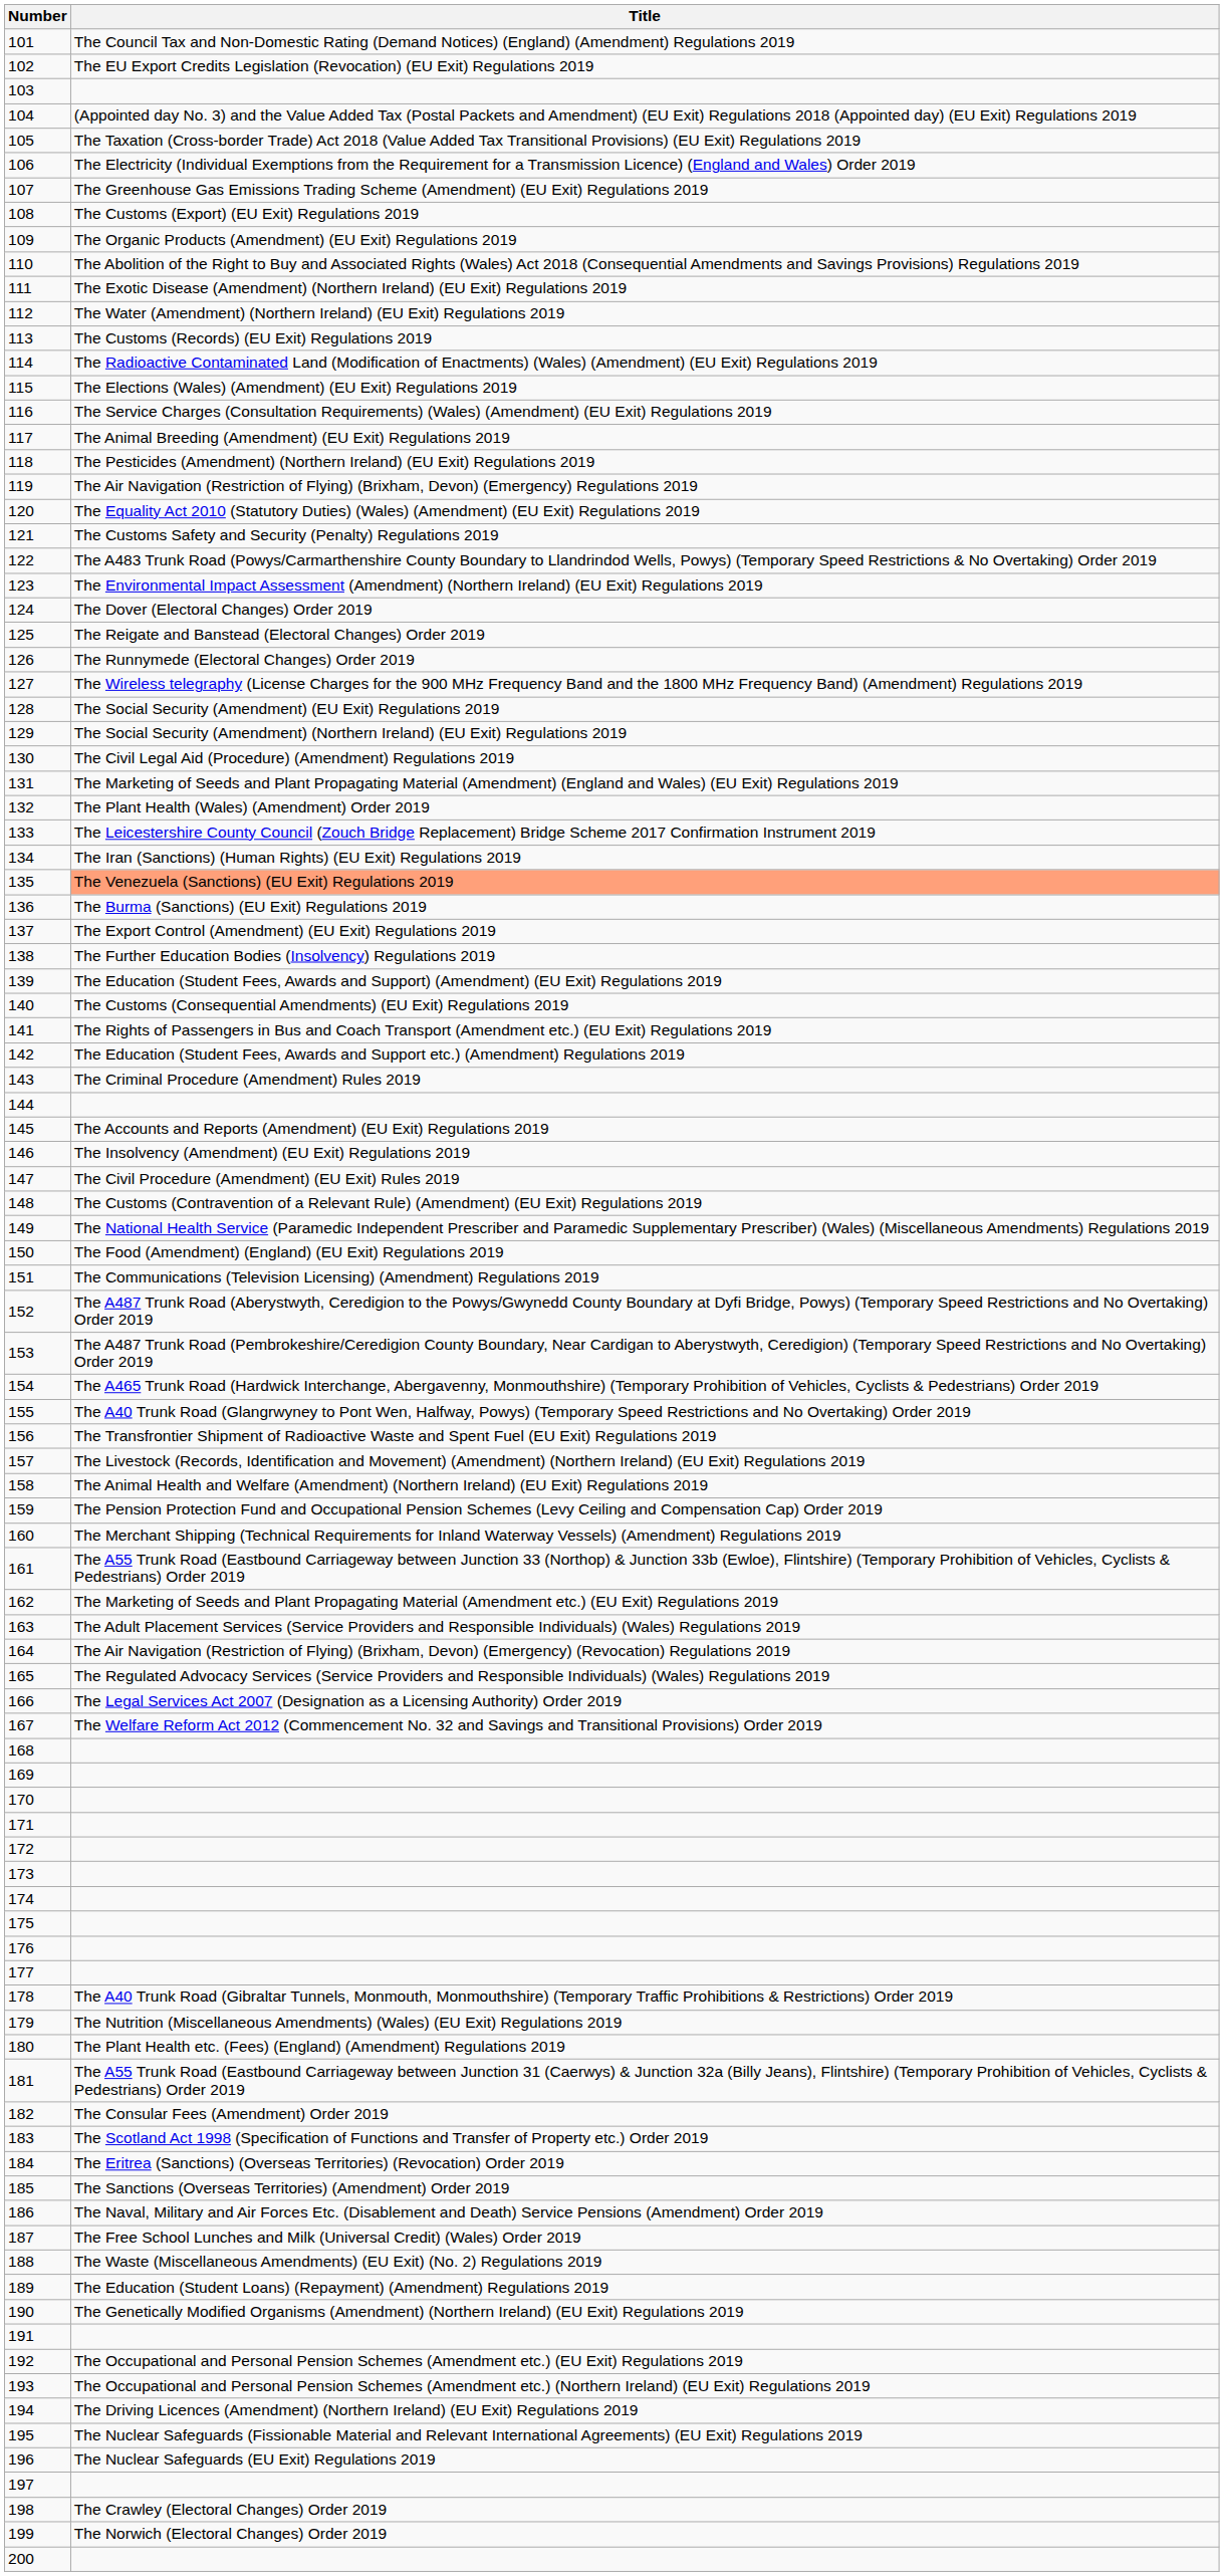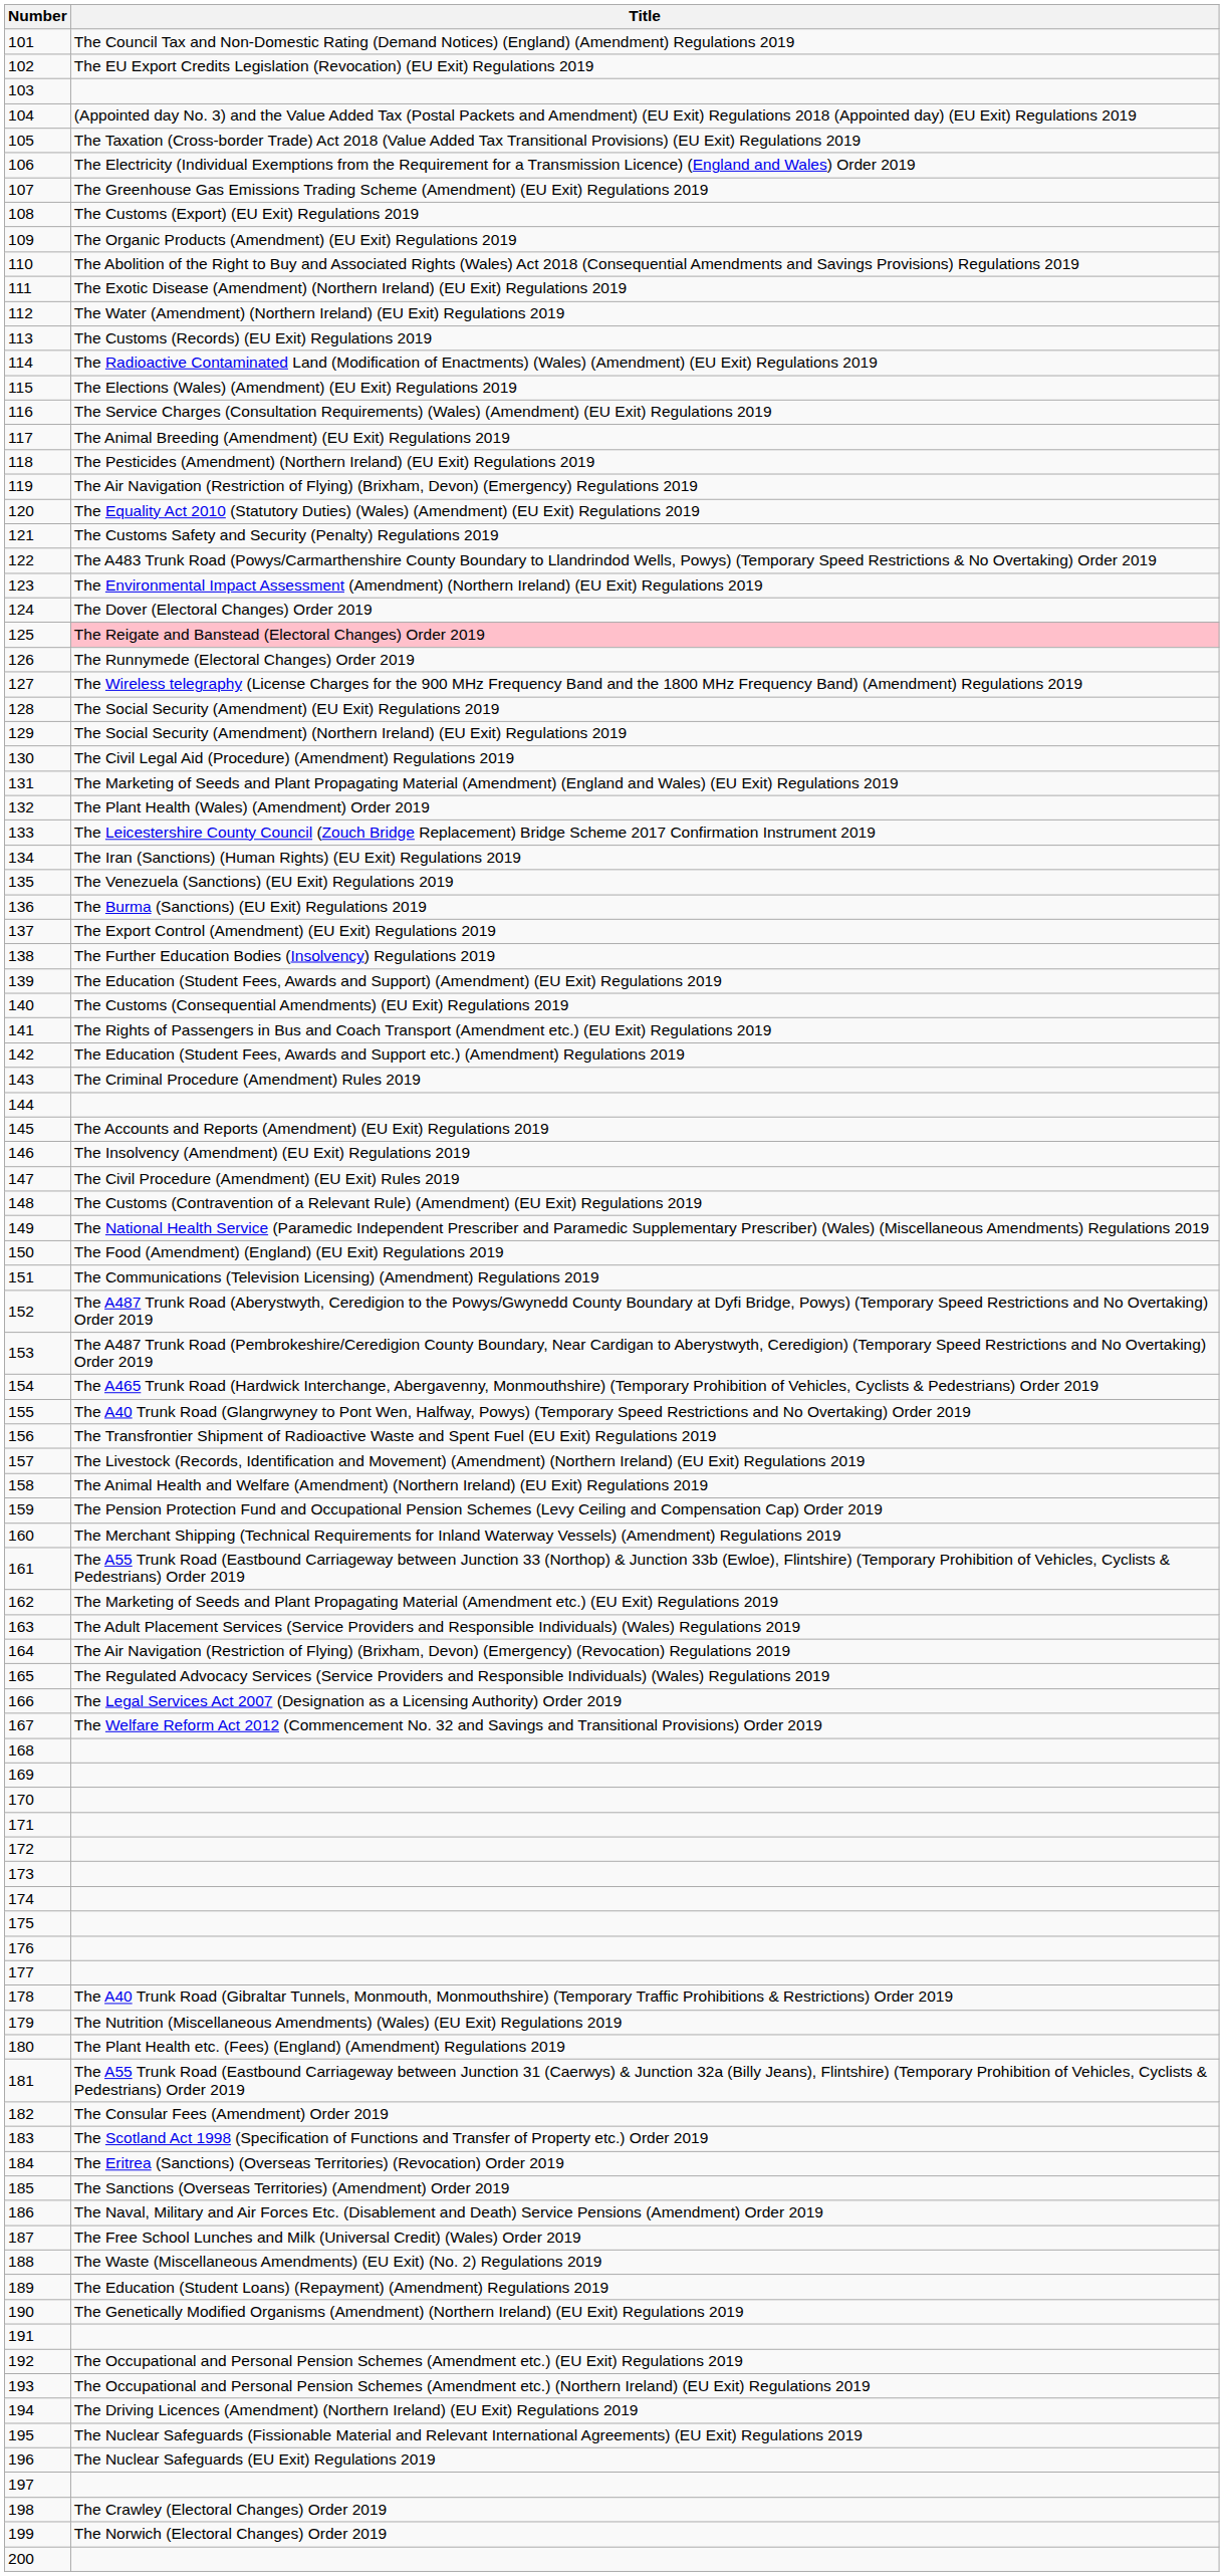 <table class="wikitable collapsible">
 <tr>
 <th>Number</th>
 <th>Title</th>
 </tr>
 <tr>
 <td>101</td>
 <td>The Council Tax and Non-Domestic Rating (Demand Notices) (England) (Amendment) Regulations 2019</td>
 </tr>
 <tr>
 <td>102</td>
 <td>The EU Export Credits Legislation (Revocation) (EU Exit) Regulations 2019</td>
 </tr>
 <tr>
 <td>103</td>
 <td></td>
 </tr>
 <tr>
 <td>104</td>
 <td> (Appointed day No. 3) and the Value Added Tax (Postal Packets and Amendment) (EU Exit) Regulations 2018 (Appointed day) (EU Exit) Regulations 2019</td>
 </tr>
 <tr>
 <td>105</td>
 <td>The Taxation (Cross-border Trade) Act 2018 (Value Added Tax Transitional Provisions) (EU Exit) Regulations 2019</td>
 </tr>
 <tr>
 <td>106</td>
 <td>The Electricity (Individual Exemptions from the Requirement for a Transmission Licence) (<a href='#'>England and Wales</a>) Order 2019</td>
 </tr>
 <tr>
 <td>107</td>
 <td>The Greenhouse Gas Emissions Trading Scheme (Amendment) (EU Exit) Regulations 2019</td>
 </tr>
 <tr>
 <td>108</td>
 <td>The Customs (Export) (EU Exit) Regulations 2019</td>
 </tr>
 <tr>
 <td>109</td>
 <td>The Organic Products (Amendment) (EU Exit) Regulations 2019</td>
 </tr>
 <tr>
 <td>110</td>
 <td>The Abolition of the Right to Buy and Associated Rights (Wales) Act 2018 (Consequential Amendments and Savings Provisions) Regulations 2019</td>
 </tr>
 <tr>
 <td>111</td>
 <td>The Exotic Disease (Amendment) (Northern Ireland) (EU Exit) Regulations 2019</td>
 </tr>
 <tr>
 <td>112</td>
 <td>The Water (Amendment) (Northern Ireland) (EU Exit) Regulations 2019</td>
 </tr>
 <tr>
 <td>113</td>
 <td>The Customs (Records) (EU Exit) Regulations 2019</td>
 </tr>
 <tr>
 <td>114</td>
 <td>The <a href='#'>Radioactive Contaminated</a> Land (Modification of Enactments) (Wales) (Amendment) (EU Exit) Regulations 2019</td>
 </tr>
 <tr>
 <td>115</td>
 <td>The Elections (Wales) (Amendment) (EU Exit) Regulations 2019</td>
 </tr>
 <tr>
 <td>116</td>
 <td>The Service Charges (Consultation Requirements) (Wales) (Amendment) (EU Exit) Regulations 2019</td>
 </tr>
 <tr>
 <td>117</td>
 <td>The Animal Breeding (Amendment) (EU Exit) Regulations 2019</td>
 </tr>
 <tr>
 <td>118</td>
 <td>The Pesticides (Amendment) (Northern Ireland) (EU Exit) Regulations 2019</td>
 </tr>
 <tr>
 <td>119</td>
 <td>The Air Navigation (Restriction of Flying) (Brixham, Devon) (Emergency) Regulations 2019</td>
 </tr>
 <tr>
 <td>120</td>
 <td>The <a href='#'>Equality Act 2010</a> (Statutory Duties) (Wales) (Amendment) (EU Exit) Regulations 2019</td>
 </tr>
 <tr>
 <td>121</td>
 <td>The Customs Safety and Security (Penalty) Regulations 2019</td>
 </tr>
 <tr>
 <td>122</td>
 <td>The A483 Trunk Road (Powys/Carmarthenshire County Boundary to Llandrindod Wells, Powys) (Temporary Speed Restrictions & No Overtaking) Order 2019</td>
 </tr>
 <tr>
 <td>123</td>
 <td>The <a href='#'>Environmental Impact Assessment</a> (Amendment) (Northern Ireland) (EU Exit) Regulations 2019</td>
 </tr>
 <tr>
 <td>124</td>
 <td>The Dover (Electoral Changes) Order 2019</td>
 </tr>
 <tr>
 <td>125</td>
-<td>The Reigate and Banstead (Electoral Changes) Order 2019</td>
+<td style="background: pink;">The Reigate and Banstead (Electoral Changes) Order 2019</td>
 </tr>
 <tr>
 <td>126</td>
 <td>The Runnymede (Electoral Changes) Order 2019</td>
 </tr>
 <tr>
 <td>127</td>
 <td>The <a href='#'>Wireless telegraphy</a> (License Charges for the 900 MHz Frequency Band and the 1800 MHz Frequency Band) (Amendment) Regulations 2019</td>
 </tr>
 <tr>
 <td>128</td>
 <td>The Social Security (Amendment) (EU Exit) Regulations 2019</td>
 </tr>
 <tr>
 <td>129</td>
 <td>The Social Security (Amendment) (Northern Ireland) (EU Exit) Regulations 2019</td>
 </tr>
 <tr>
 <td>130</td>
 <td>The Civil Legal Aid (Procedure) (Amendment) Regulations 2019</td>
 </tr>
 <tr>
 <td>131</td>
 <td>The Marketing of Seeds and Plant Propagating Material (Amendment) (England and Wales) (EU Exit) Regulations 2019</td>
 </tr>
 <tr>
 <td>132</td>
 <td>The Plant Health (Wales) (Amendment) Order 2019</td>
 </tr>
 <tr>
 <td>133</td>
 <td>The <a href='#'>Leicestershire County Council</a> (<a href='#'>Zouch Bridge</a> Replacement) Bridge Scheme 2017 Confirmation Instrument 2019</td>
 </tr>
 <tr>
 <td>134</td>
 <td>The Iran (Sanctions) (Human Rights) (EU Exit) Regulations 2019</td>
 </tr>
 <tr>
 <td>135</td>
-<td style="background: lightsalmon;">The Venezuela (Sanctions) (EU Exit) Regulations 2019</td>
+<td>The Venezuela (Sanctions) (EU Exit) Regulations 2019</td>
 </tr>
 <tr>
 <td>136</td>
 <td>The <a href='#'>Burma</a> (Sanctions) (EU Exit) Regulations 2019</td>
 </tr>
 <tr>
 <td>137</td>
 <td>The Export Control (Amendment) (EU Exit) Regulations 2019</td>
 </tr>
 <tr>
 <td>138</td>
 <td>The Further Education Bodies (<a href='#'>Insolvency</a>) Regulations 2019</td>
 </tr>
 <tr>
 <td>139</td>
 <td>The Education (Student Fees, Awards and Support) (Amendment) (EU Exit) Regulations 2019</td>
 </tr>
 <tr>
 <td>140</td>
 <td>The Customs (Consequential Amendments) (EU Exit) Regulations 2019</td>
 </tr>
 <tr>
 <td>141</td>
 <td>The Rights of Passengers in Bus and Coach Transport (Amendment etc.) (EU Exit) Regulations 2019</td>
 </tr>
 <tr>
 <td>142</td>
 <td>The Education (Student Fees, Awards and Support etc.) (Amendment) Regulations 2019</td>
 </tr>
 <tr>
 <td>143</td>
 <td>The Criminal Procedure (Amendment) Rules 2019</td>
 </tr>
 <tr>
 <td>144</td>
 <td></td>
 </tr>
 <tr>
 <td>145</td>
 <td>The Accounts and Reports (Amendment) (EU Exit) Regulations 2019</td>
 </tr>
 <tr>
 <td>146</td>
 <td>The Insolvency (Amendment) (EU Exit) Regulations 2019</td>
 </tr>
 <tr>
 <td>147</td>
 <td>The Civil Procedure (Amendment) (EU Exit) Rules 2019</td>
 </tr>
 <tr>
 <td>148</td>
 <td>The Customs (Contravention of a Relevant Rule) (Amendment) (EU Exit) Regulations 2019</td>
 </tr>
 <tr>
 <td>149</td>
 <td>The <a href='#'>National Health Service</a> (Paramedic Independent Prescriber and Paramedic Supplementary Prescriber) (Wales) (Miscellaneous Amendments) Regulations 2019</td>
 </tr>
 <tr>
 <td>150</td>
 <td>The Food (Amendment) (England) (EU Exit) Regulations 2019</td>
 </tr>
 <tr>
 <td>151</td>
 <td>The Communications (Television Licensing) (Amendment) Regulations 2019</td>
 </tr>
 <tr>
 <td>152</td>
 <td>The <a href='#'>A487</a> Trunk Road (Aberystwyth, Ceredigion to the Powys/Gwynedd County Boundary at Dyfi Bridge, Powys) (Temporary Speed Restrictions and No Overtaking) Order 2019</td>
 </tr>
 <tr>
 <td>153</td>
 <td>The A487 Trunk Road (Pembrokeshire/Ceredigion County Boundary, Near Cardigan to Aberystwyth, Ceredigion) (Temporary Speed Restrictions and No Overtaking) Order 2019</td>
 </tr>
 <tr>
 <td>154</td>
 <td>The <a href='#'>A465</a> Trunk Road (Hardwick Interchange, Abergavenny, Monmouthshire) (Temporary Prohibition of Vehicles, Cyclists & Pedestrians) Order 2019</td>
 </tr>
 <tr>
 <td>155</td>
 <td>The <a href='#'>A40</a> Trunk Road (Glangrwyney to Pont Wen, Halfway, Powys) (Temporary Speed Restrictions and No Overtaking) Order 2019</td>
 </tr>
 <tr>
 <td>156</td>
 <td>The Transfrontier Shipment of Radioactive Waste and Spent Fuel (EU Exit) Regulations 2019</td>
 </tr>
 <tr>
 <td>157</td>
 <td>The Livestock (Records, Identification and Movement) (Amendment) (Northern Ireland) (EU Exit) Regulations 2019</td>
 </tr>
 <tr>
 <td>158</td>
 <td>The Animal Health and Welfare (Amendment) (Northern Ireland) (EU Exit) Regulations 2019</td>
 </tr>
 <tr>
 <td>159</td>
 <td>The Pension Protection Fund and Occupational Pension Schemes (Levy Ceiling and Compensation Cap) Order 2019</td>
 </tr>
 <tr>
 <td>160</td>
 <td>The Merchant Shipping (Technical Requirements for Inland Waterway Vessels) (Amendment) Regulations 2019</td>
 </tr>
 <tr>
 <td>161</td>
 <td>The <a href='#'>A55</a> Trunk Road (Eastbound Carriageway between Junction 33 (Northop) & Junction 33b (Ewloe), Flintshire) (Temporary Prohibition of Vehicles, Cyclists & Pedestrians) Order 2019</td>
 </tr>
 <tr>
 <td>162</td>
 <td>The Marketing of Seeds and Plant Propagating Material (Amendment etc.) (EU Exit) Regulations 2019</td>
 </tr>
 <tr>
 <td>163</td>
 <td>The Adult Placement Services (Service Providers and Responsible Individuals) (Wales) Regulations 2019</td>
 </tr>
 <tr>
 <td>164</td>
 <td>The Air Navigation (Restriction of Flying) (Brixham, Devon) (Emergency) (Revocation) Regulations 2019</td>
 </tr>
 <tr>
 <td>165</td>
 <td>The Regulated Advocacy Services (Service Providers and Responsible Individuals) (Wales) Regulations 2019</td>
 </tr>
 <tr>
 <td>166</td>
 <td>The <a href='#'>Legal Services Act 2007</a> (Designation as a Licensing Authority) Order 2019</td>
 </tr>
 <tr>
 <td>167</td>
 <td>The <a href='#'>Welfare Reform Act 2012</a> (Commencement No. 32 and Savings and Transitional Provisions) Order 2019</td>
 </tr>
 <tr>
 <td>168</td>
 <td></td>
 </tr>
 <tr>
 <td>169</td>
 <td></td>
 </tr>
 <tr>
 <td>170</td>
 <td></td>
 </tr>
 <tr>
 <td>171</td>
 <td></td>
 </tr>
 <tr>
 <td>172</td>
 <td></td>
 </tr>
 <tr>
 <td>173</td>
 <td></td>
 </tr>
 <tr>
 <td>174</td>
 <td></td>
 </tr>
 <tr>
 <td>175</td>
 <td></td>
 </tr>
 <tr>
 <td>176</td>
 <td></td>
 </tr>
 <tr>
 <td>177</td>
 <td></td>
 </tr>
 <tr>
 <td>178</td>
 <td>The <a href='#'>A40</a> Trunk Road (Gibraltar Tunnels, Monmouth, Monmouthshire) (Temporary Traffic Prohibitions & Restrictions) Order 2019</td>
 </tr>
 <tr>
 <td>179</td>
 <td>The Nutrition (Miscellaneous Amendments) (Wales) (EU Exit) Regulations 2019</td>
 </tr>
 <tr>
 <td>180</td>
 <td>The Plant Health etc. (Fees) (England) (Amendment) Regulations 2019</td>
 </tr>
 <tr>
 <td>181</td>
 <td>The <a href='#'>A55</a> Trunk Road (Eastbound Carriageway between Junction 31 (Caerwys) & Junction 32a (Billy Jeans), Flintshire) (Temporary Prohibition of Vehicles, Cyclists & Pedestrians) Order 2019</td>
 </tr>
 <tr>
 <td>182</td>
 <td>The Consular Fees (Amendment) Order 2019</td>
 </tr>
 <tr>
 <td>183</td>
 <td>The <a href='#'>Scotland Act 1998</a> (Specification of Functions and Transfer of Property etc.) Order 2019</td>
 </tr>
 <tr>
 <td>184</td>
 <td>The <a href='#'>Eritrea</a> (Sanctions) (Overseas Territories) (Revocation) Order 2019</td>
 </tr>
 <tr>
 <td>185</td>
 <td>The Sanctions (Overseas Territories) (Amendment) Order 2019</td>
 </tr>
 <tr>
 <td>186</td>
 <td>The Naval, Military and Air Forces Etc. (Disablement and Death) Service Pensions (Amendment) Order 2019</td>
 </tr>
 <tr>
 <td>187</td>
 <td>The Free School Lunches and Milk (Universal Credit) (Wales) Order 2019</td>
 </tr>
 <tr>
 <td>188</td>
 <td>The Waste (Miscellaneous Amendments) (EU Exit) (No. 2) Regulations 2019</td>
 </tr>
 <tr>
 <td>189</td>
 <td>The Education (Student Loans) (Repayment) (Amendment) Regulations 2019</td>
 </tr>
 <tr>
 <td>190</td>
 <td>The Genetically Modified Organisms (Amendment) (Northern Ireland) (EU Exit) Regulations 2019</td>
 </tr>
 <tr>
 <td>191</td>
 <td></td>
 </tr>
 <tr>
 <td>192</td>
 <td>The Occupational and Personal Pension Schemes (Amendment etc.) (EU Exit) Regulations 2019</td>
 </tr>
 <tr>
 <td>193</td>
 <td>The Occupational and Personal Pension Schemes (Amendment etc.) (Northern Ireland) (EU Exit) Regulations 2019</td>
 </tr>
 <tr>
 <td>194</td>
 <td>The Driving Licences (Amendment) (Northern Ireland) (EU Exit) Regulations 2019</td>
 </tr>
 <tr>
 <td>195</td>
 <td>The Nuclear Safeguards (Fissionable Material and Relevant International Agreements) (EU Exit) Regulations 2019</td>
 </tr>
 <tr>
 <td>196</td>
 <td>The Nuclear Safeguards (EU Exit) Regulations 2019</td>
 </tr>
 <tr>
 <td>197</td>
 <td></td>
 </tr>
 <tr>
 <td>198</td>
 <td>The Crawley (Electoral Changes) Order 2019</td>
 </tr>
 <tr>
 <td>199</td>
 <td>The Norwich (Electoral Changes) Order 2019</td>
 </tr>
 <tr>
 <td>200</td>
 <td></td>
 </tr>
 </table>
